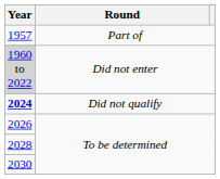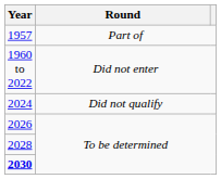 <table class="wikitable" style="text-align: center; font-size:90%">
 <tr>
 <th>Year</th>
 <th style="width:200px">Round</th>
 <th></th>
 </tr>
 <tr>
 <td><a href='#'>1957</a></td>
 <td colspan="2"><em>Part of </em></td>
 </tr>
 <tr>
-<td style="background: lightgrey;"><a href='#'>1960</a><br>to<br><a href='#'>2022</a></td>
+<td><a href='#'>1960</a><br>to<br><a href='#'>2022</a></td>
 <td colspan="2"><em>Did not enter</em></td>
 </tr>
 <tr>
-<td><strong><a href='#'>2024</a></strong></td>
+<td><a href='#'>2024</a></td>
 <td colspan="2"><em>Did not qualify</em></td>
 </tr>
 <tr>
 <td><a href='#'>2026</a></td>
 <td colspan="2" rowspan="3"><em>To be determined</em></td>
 </tr>
 <tr>
 <td><a href='#'>2028</a></td>
 </tr>
 <tr>
-<td><a href='#'>2030</a></td>
+<td><strong><a href='#'>2030</a></strong></td>
 </tr>
 </table>
